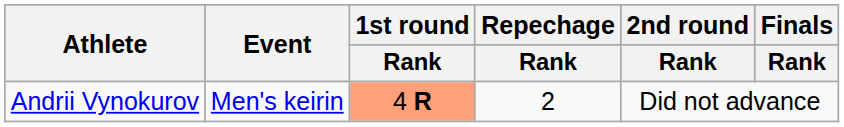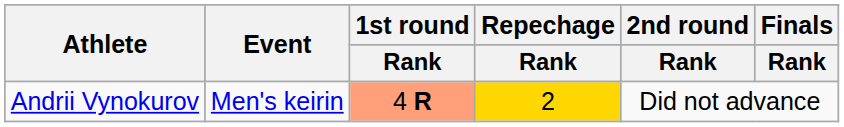 <table class=wikitable style="font-size:90%">
 <tr>
 <th rowspan="2">Athlete</th>
 <th rowspan="2">Event</th>
 <th>1st round</th>
 <th>Repechage</th>
 <th>2nd round</th>
 <th>Finals</th>
 </tr>
 <tr style="font-size:95%">
 <th>Rank</th>
 <th>Rank</th>
 <th>Rank</th>
 <th>Rank</th>
 </tr>
 <tr align=center>
 <td align=left><a href='#'>Andrii Vynokurov</a></td>
 <td align=left><a href='#'>Men's keirin</a></td>
 <td style="background: lightsalmon;">4 <strong>R</strong></td>
-<td>2</td>
+<td style="background: gold;">2</td>
 <td colspan=2>Did not advance</td>
 </tr>
 </table>
